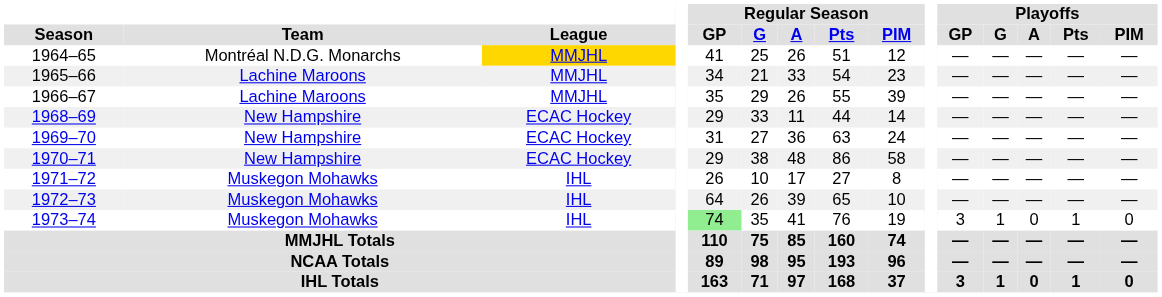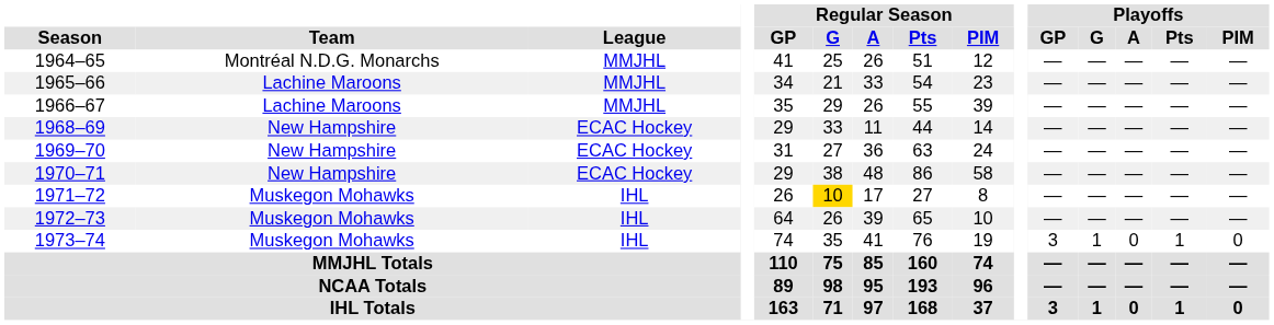 <table border="0" cellpadding="1" cellspacing="0" style="text-align:center; width:70em">
 <tr bgcolor="#e0e0e0">
 <th colspan="3"  bgcolor="#ffffff"> </th>
 <th rowspan="99" bgcolor="#ffffff"> </th>
 <th colspan="5">Regular Season</th>
 <th rowspan="99" bgcolor="#ffffff"> </th>
 <th colspan="5">Playoffs</th>
 </tr>
 <tr bgcolor="#e0e0e0">
 <th>Season</th>
 <th>Team</th>
 <th>League</th>
 <th>GP</th>
 <th><a href='#'>G</a></th>
 <th><a href='#'>A</a></th>
 <th><a href='#'>Pts</a></th>
 <th><a href='#'>PIM</a></th>
 <th>GP</th>
 <th>G</th>
 <th>A</th>
 <th>Pts</th>
 <th>PIM</th>
 </tr>
 <tr>
 <td>1964–65</td>
 <td>Montréal N.D.G. Monarchs</td>
-<td style="background: gold;"><a href='#'>MMJHL</a></td>
+<td><a href='#'>MMJHL</a></td>
 <td>41</td>
 <td>25</td>
 <td>26</td>
 <td>51</td>
 <td>12</td>
 <td>—</td>
 <td>—</td>
 <td>—</td>
 <td>—</td>
 <td>—</td>
 </tr>
 <tr bgcolor=f0f0f0>
 <td>1965–66</td>
 <td><a href='#'>Lachine Maroons</a></td>
 <td><a href='#'>MMJHL</a></td>
 <td>34</td>
 <td>21</td>
 <td>33</td>
 <td>54</td>
 <td>23</td>
 <td>—</td>
 <td>—</td>
 <td>—</td>
 <td>—</td>
 <td>—</td>
 </tr>
 <tr>
 <td>1966–67</td>
 <td><a href='#'>Lachine Maroons</a></td>
 <td><a href='#'>MMJHL</a></td>
 <td>35</td>
 <td>29</td>
 <td>26</td>
 <td>55</td>
 <td>39</td>
 <td>—</td>
 <td>—</td>
 <td>—</td>
 <td>—</td>
 <td>—</td>
 </tr>
 <tr bgcolor=f0f0f0>
 <td><a href='#'>1968–69</a></td>
 <td><a href='#'>New Hampshire</a></td>
 <td><a href='#'>ECAC Hockey</a></td>
 <td>29</td>
 <td>33</td>
 <td>11</td>
 <td>44</td>
 <td>14</td>
 <td>—</td>
 <td>—</td>
 <td>—</td>
 <td>—</td>
 <td>—</td>
 </tr>
 <tr>
 <td><a href='#'>1969–70</a></td>
 <td><a href='#'>New Hampshire</a></td>
 <td><a href='#'>ECAC Hockey</a></td>
 <td>31</td>
 <td>27</td>
 <td>36</td>
 <td>63</td>
 <td>24</td>
 <td>—</td>
 <td>—</td>
 <td>—</td>
 <td>—</td>
 <td>—</td>
 </tr>
 <tr bgcolor=f0f0f0>
 <td><a href='#'>1970–71</a></td>
 <td><a href='#'>New Hampshire</a></td>
 <td><a href='#'>ECAC Hockey</a></td>
 <td>29</td>
 <td>38</td>
 <td>48</td>
 <td>86</td>
 <td>58</td>
 <td>—</td>
 <td>—</td>
 <td>—</td>
 <td>—</td>
 <td>—</td>
 </tr>
 <tr>
 <td><a href='#'>1971–72</a></td>
 <td><a href='#'>Muskegon Mohawks</a></td>
 <td><a href='#'>IHL</a></td>
 <td>26</td>
-<td>10</td>
+<td style="background: gold;">10</td>
 <td>17</td>
 <td>27</td>
 <td>8</td>
 <td>—</td>
 <td>—</td>
 <td>—</td>
 <td>—</td>
 <td>—</td>
 </tr>
 <tr bgcolor=f0f0f0>
 <td><a href='#'>1972–73</a></td>
 <td><a href='#'>Muskegon Mohawks</a></td>
 <td><a href='#'>IHL</a></td>
 <td>64</td>
 <td>26</td>
 <td>39</td>
 <td>65</td>
 <td>10</td>
 <td>—</td>
 <td>—</td>
 <td>—</td>
 <td>—</td>
 <td>—</td>
 </tr>
 <tr>
 <td><a href='#'>1973–74</a></td>
 <td><a href='#'>Muskegon Mohawks</a></td>
 <td><a href='#'>IHL</a></td>
-<td style="background: lightgreen;">74</td>
+<td>74</td>
 <td>35</td>
 <td>41</td>
 <td>76</td>
 <td>19</td>
 <td>3</td>
 <td>1</td>
 <td>0</td>
 <td>1</td>
 <td>0</td>
 </tr>
 <tr bgcolor="#e0e0e0">
 <th colspan="3">MMJHL Totals</th>
 <th>110</th>
 <th>75</th>
 <th>85</th>
 <th>160</th>
 <th>74</th>
 <th>—</th>
 <th>—</th>
 <th>—</th>
 <th>—</th>
 <th>—</th>
 </tr>
 <tr bgcolor="#e0e0e0">
 <th colspan="3">NCAA Totals</th>
 <th>89</th>
 <th>98</th>
 <th>95</th>
 <th>193</th>
 <th>96</th>
 <th>—</th>
 <th>—</th>
 <th>—</th>
 <th>—</th>
 <th>—</th>
 </tr>
 <tr bgcolor="#e0e0e0">
 <th colspan="3">IHL Totals</th>
 <th>163</th>
 <th>71</th>
 <th>97</th>
 <th>168</th>
 <th>37</th>
 <th>3</th>
 <th>1</th>
 <th>0</th>
 <th>1</th>
 <th>0</th>
 </tr>
 </table>
